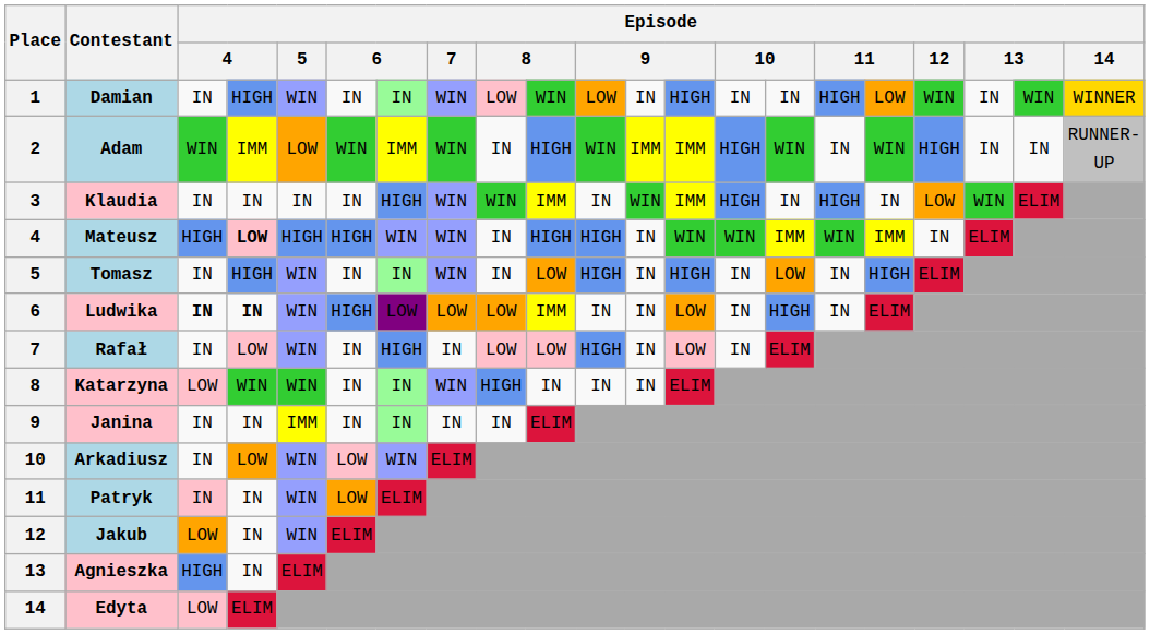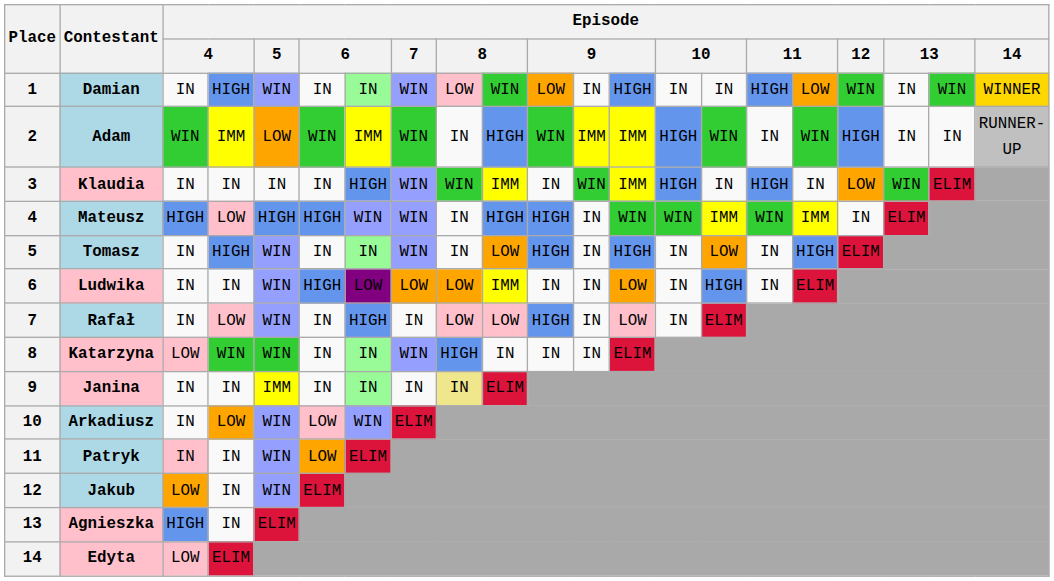 <table class="wikitable" style="text-align: center; font-size: 9pt; line-height:20px;">
 <tr>
 <th rowspan="2">Place</th>
 <th rowspan="2">Contestant</th>
 <th colspan="19">Episode</th>
 </tr>
 <tr>
 <th colspan="2">4</th>
 <th colspan="1">5</th>
 <th colspan="2">6</th>
 <th colspan="1">7</th>
 <th colspan="2">8</th>
 <th colspan="3">9</th>
 <th colspan="2">10</th>
 <th colspan="2">11</th>
 <th>12</th>
 <th colspan="2">13</th>
 <th>14</th>
 </tr>
 <tr>
 <th>1</th>
 <th style="background:lightblue">Damian</th>
 <td>IN</td>
 <td bgcolor=cornflowerblue>HIGH</td>
 <td bgcolor=#959FFD>WIN</td>
 <td>IN</td>
 <td style="background:palegreen">IN</td>
 <td bgcolor=#959FFD>WIN</td>
 <td bgcolor=pink>LOW</td>
 <td bgcolor=limegreen>WIN</td>
 <td bgcolor=orange>LOW</td>
 <td>IN</td>
 <td bgcolor=cornflowerblue>HIGH</td>
 <td>IN</td>
 <td>IN</td>
 <td bgcolor=cornflowerblue>HIGH</td>
 <td bgcolor=orange>LOW</td>
 <td bgcolor=limegreen>WIN</td>
 <td>IN</td>
 <td bgcolor=limegreen>WIN</td>
 <td bgcolor=gold>WINNER</td>
 </tr>
 <tr>
 <th>2</th>
 <th style="background:lightblue">Adam</th>
 <td bgcolor=limegreen>WIN</td>
 <td bgcolor=yellow>IMM</td>
 <td bgcolor=orange>LOW</td>
 <td bgcolor=limegreen>WIN</td>
 <td bgcolor=yellow>IMM</td>
 <td bgcolor=limegreen>WIN</td>
 <td>IN</td>
 <td bgcolor=cornflowerblue>HIGH</td>
 <td bgcolor=limegreen>WIN</td>
 <td bgcolor=yellow>IMM</td>
 <td bgcolor=yellow>IMM</td>
 <td bgcolor=cornflowerblue>HIGH</td>
 <td bgcolor=limegreen>WIN</td>
 <td>IN</td>
 <td bgcolor=limegreen>WIN</td>
 <td bgcolor=cornflowerblue>HIGH</td>
 <td>IN</td>
 <td>IN</td>
 <td bgcolor=silver>RUNNER-UP</td>
 </tr>
 <tr>
 <th>3</th>
 <th style="background:pink">Klaudia</th>
 <td>IN</td>
 <td>IN</td>
 <td>IN</td>
 <td>IN</td>
 <td bgcolor=cornflowerblue>HIGH</td>
 <td bgcolor=#959FFD>WIN</td>
 <td bgcolor=limegreen>WIN</td>
 <td bgcolor=yellow>IMM</td>
 <td>IN</td>
 <td bgcolor=limegreen>WIN</td>
 <td bgcolor=yellow>IMM</td>
 <td bgcolor=cornflowerblue>HIGH</td>
 <td>IN</td>
 <td bgcolor=cornflowerblue>HIGH</td>
 <td>IN</td>
 <td bgcolor=orange>LOW</td>
 <td bgcolor=limegreen>WIN</td>
 <td bgcolor=crimson>ELIM</td>
 <td colspan="1" bgcolor=darkgrey></td>
 </tr>
 <tr>
 <th>4</th>
 <th style="background:lightblue">Mateusz</th>
 <td bgcolor=cornflowerblue>HIGH</td>
-<td bgcolor=pink><strong>LOW</strong></td>
+<td bgcolor=pink>LOW</td>
 <td bgcolor=cornflowerblue>HIGH</td>
 <td bgcolor=cornflowerblue>HIGH</td>
 <td bgcolor=#959FFD>WIN</td>
 <td bgcolor=#959FFD>WIN</td>
 <td>IN</td>
 <td bgcolor=cornflowerblue>HIGH</td>
 <td bgcolor=cornflowerblue>HIGH</td>
 <td>IN</td>
 <td bgcolor=limegreen>WIN</td>
 <td bgcolor=limegreen>WIN</td>
 <td bgcolor=yellow>IMM</td>
 <td bgcolor=limegreen>WIN</td>
 <td bgcolor=yellow>IMM</td>
 <td>IN</td>
 <td bgcolor=crimson>ELIM</td>
 <td colspan="2" bgcolor=darkgrey></td>
 </tr>
 <tr>
 <th>5</th>
 <th style="background:lightblue">Tomasz</th>
 <td>IN</td>
 <td bgcolor=cornflowerblue>HIGH</td>
 <td bgcolor=#959FFD>WIN</td>
 <td>IN</td>
 <td style="background:palegreen">IN</td>
 <td bgcolor=#959FFD>WIN</td>
 <td>IN</td>
 <td bgcolor=orange>LOW</td>
 <td bgcolor=cornflowerblue>HIGH</td>
 <td>IN</td>
 <td bgcolor=cornflowerblue>HIGH</td>
 <td>IN</td>
 <td bgcolor=orange>LOW</td>
 <td>IN</td>
 <td bgcolor=cornflowerblue>HIGH</td>
 <td bgcolor=crimson>ELIM</td>
 <td colspan="3" bgcolor=darkgrey></td>
 </tr>
 <tr>
 <th>6</th>
 <th style="background:pink">Ludwika</th>
-<td><strong>IN</strong></td>
-<td><strong>IN</strong></td>
+<td>IN</td>
+<td>IN</td>
 <td bgcolor=#959FFD>WIN</td>
 <td bgcolor=cornflowerblue>HIGH</td>
 <td style="background:purple;">LOW</td>
 <td bgcolor=orange>LOW</td>
 <td bgcolor=orange>LOW</td>
 <td bgcolor=yellow>IMM</td>
 <td>IN</td>
 <td>IN</td>
 <td bgcolor=orange>LOW</td>
 <td>IN</td>
 <td bgcolor=cornflowerblue>HIGH</td>
 <td>IN</td>
 <td bgcolor=crimson>ELIM</td>
 <td colspan="4" bgcolor=darkgrey></td>
 </tr>
 <tr>
 <th>7</th>
 <th style="background:lightblue">Rafał</th>
 <td>IN</td>
 <td bgcolor=pink>LOW</td>
 <td bgcolor=#959FFD>WIN</td>
 <td>IN</td>
 <td bgcolor=cornflowerblue>HIGH</td>
 <td>IN</td>
 <td bgcolor=pink>LOW</td>
 <td bgcolor=pink>LOW</td>
 <td bgcolor=cornflowerblue>HIGH</td>
 <td>IN</td>
 <td bgcolor=pink>LOW</td>
 <td>IN</td>
 <td bgcolor=crimson>ELIM</td>
 <td colspan="6" bgcolor="darkgrey"></td>
 </tr>
 <tr>
 <th>8</th>
 <th style="background:pink">Katarzyna</th>
 <td bgcolor=pink>LOW</td>
 <td bgcolor=limegreen>WIN</td>
 <td bgcolor=limegreen>WIN</td>
 <td>IN</td>
 <td style="background:palegreen">IN</td>
 <td bgcolor=#959FFD>WIN</td>
 <td bgcolor=cornflowerblue>HIGH</td>
 <td>IN</td>
 <td>IN</td>
 <td>IN</td>
 <td bgcolor=crimson>ELIM</td>
 <td colspan="8" bgcolor="darkgrey"></td>
 </tr>
 <tr>
 <th>9</th>
 <th style="background:pink">Janina</th>
 <td>IN</td>
 <td>IN</td>
 <td bgcolor=yellow>IMM</td>
 <td>IN</td>
 <td style="background:palegreen">IN</td>
 <td>IN</td>
-<td>IN</td>
+<td style="background: khaki;">IN</td>
 <td bgcolor=crimson>ELIM</td>
 <td colspan="11" bgcolor="darkgrey"></td>
 </tr>
 <tr>
 <th>10</th>
 <th style="background:lightblue">Arkadiusz</th>
 <td>IN</td>
 <td bgcolor=orange>LOW</td>
 <td bgcolor=#959FFD>WIN</td>
 <td bgcolor=pink>LOW</td>
 <td bgcolor=#959FFD>WIN</td>
 <td bgcolor=crimson>ELIM</td>
 <td colspan="13" bgcolor="darkgrey"></td>
 </tr>
 <tr>
 <th>11</th>
 <th style="background:lightblue">Patryk</th>
 <td style="background: pink;">IN</td>
 <td>IN</td>
 <td bgcolor=#959FFD>WIN</td>
 <td bgcolor=orange>LOW</td>
 <td bgcolor=crimson>ELIM</td>
 <td colspan="14" bgcolor=darkgrey></td>
 </tr>
 <tr>
 <th>12</th>
 <th style="background:lightblue">Jakub</th>
 <td bgcolor=orange>LOW</td>
 <td>IN</td>
 <td bgcolor=#959FFD>WIN</td>
 <td bgcolor=crimson>ELIM</td>
 <td colspan="15" bgcolor=darkgrey></td>
 </tr>
 <tr>
 <th>13</th>
 <th style="background:pink">Agnieszka</th>
 <td bgcolor=cornflowerblue>HIGH</td>
 <td>IN</td>
 <td bgcolor=crimson>ELIM</td>
 <td colspan="16" bgcolor=darkgrey></td>
 </tr>
 <tr>
 <th>14</th>
 <th style="background:pink">Edyta</th>
 <td bgcolor=pink>LOW</td>
 <td bgcolor=crimson>ELIM</td>
 <td colspan="17" bgcolor="darkgrey"></td>
 </tr>
 </table>
